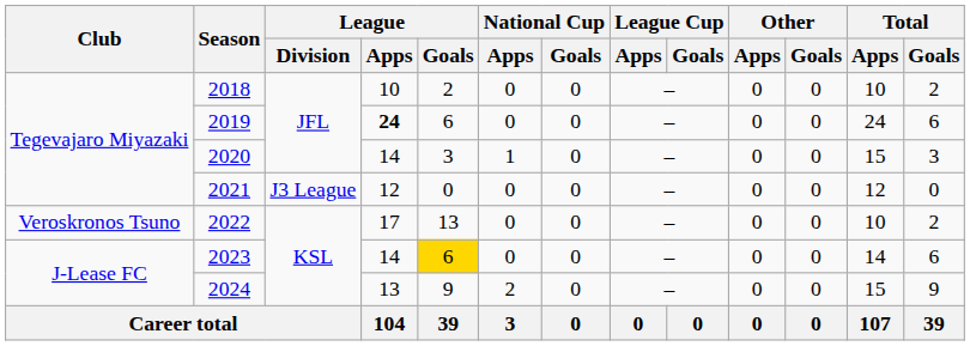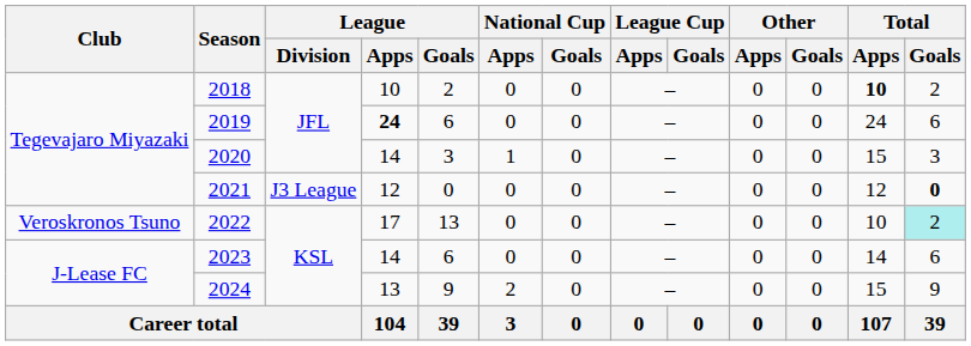 <table class="wikitable" style="text-align: center">
 <tr>
 <th rowspan="2">Club</th>
 <th rowspan="2">Season</th>
 <th colspan="3">League</th>
 <th colspan="2">National Cup</th>
 <th colspan="2">League Cup</th>
 <th colspan="2">Other</th>
 <th colspan="2">Total</th>
 </tr>
 <tr>
 <th>Division</th>
 <th>Apps</th>
 <th>Goals</th>
 <th>Apps</th>
 <th>Goals</th>
 <th>Apps</th>
 <th>Goals</th>
 <th>Apps</th>
 <th>Goals</th>
 <th>Apps</th>
 <th>Goals</th>
 </tr>
 <tr>
 <td rowspan="4"><a href='#'>Tegevajaro Miyazaki</a></td>
 <td><a href='#'>2018</a></td>
 <td rowspan="3"><a href='#'>JFL</a></td>
 <td>10</td>
 <td>2</td>
 <td>0</td>
 <td>0</td>
 <td colspan="2">–</td>
 <td>0</td>
 <td>0</td>
-<td>10</td>
+<td><strong>10</strong></td>
 <td>2</td>
 </tr>
 <tr>
 <td><a href='#'>2019</a></td>
 <td><strong>24</strong></td>
 <td>6</td>
 <td>0</td>
 <td>0</td>
 <td colspan="2">–</td>
 <td>0</td>
 <td>0</td>
 <td>24</td>
 <td>6</td>
 </tr>
 <tr>
 <td><a href='#'>2020</a></td>
 <td>14</td>
 <td>3</td>
 <td>1</td>
 <td>0</td>
 <td colspan="2">–</td>
 <td>0</td>
 <td>0</td>
 <td>15</td>
 <td>3</td>
 </tr>
 <tr>
 <td><a href='#'>2021</a></td>
 <td><a href='#'>J3 League</a></td>
 <td>12</td>
 <td>0</td>
 <td>0</td>
 <td>0</td>
 <td colspan="2">–</td>
 <td>0</td>
 <td>0</td>
 <td>12</td>
-<td>0</td>
+<td><strong>0</strong></td>
 </tr>
 <tr>
 <td><a href='#'>Veroskronos Tsuno</a></td>
 <td><a href='#'>2022</a></td>
 <td rowspan="3"><a href='#'>KSL</a></td>
 <td>17</td>
 <td>13</td>
 <td>0</td>
 <td>0</td>
 <td colspan="2">–</td>
 <td>0</td>
 <td>0</td>
 <td>10</td>
-<td>2</td>
+<td style="background: paleturquoise;">2</td>
 </tr>
 <tr>
 <td rowspan="2"><a href='#'>J-Lease FC</a></td>
 <td><a href='#'>2023</a></td>
 <td>14</td>
-<td style="background: gold;">6</td>
+<td>6</td>
 <td>0</td>
 <td>0</td>
 <td colspan="2">–</td>
 <td>0</td>
 <td>0</td>
 <td>14</td>
 <td>6</td>
 </tr>
 <tr>
 <td><a href='#'>2024</a></td>
 <td>13</td>
 <td>9</td>
 <td>2</td>
 <td>0</td>
 <td colspan="2">–</td>
 <td>0</td>
 <td>0</td>
 <td>15</td>
 <td>9</td>
 </tr>
 <tr>
 <th colspan=3>Career total</th>
 <th>104</th>
 <th>39</th>
 <th>3</th>
 <th>0</th>
 <th>0</th>
 <th>0</th>
 <th>0</th>
 <th>0</th>
 <th>107</th>
 <th>39</th>
 </tr>
 </table>
